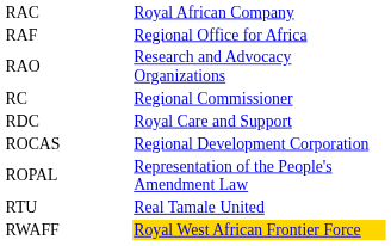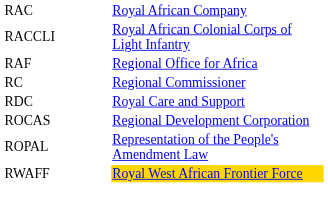 <table width="100%" style="text-verticalalign:top">
 <tr>
 <td width="20%">RAC</td>
 <td width="40%"><a href='#'>Royal African Company</a></td>
 <td width="40%"></td>
 </tr>
 <tr>
-<td>RAF</td>
-<td><a href='#'>Regional Office for Africa</a></td>
+<td>RACCLI</td>
+<td><a href='#'>Royal African Colonial Corps of Light Infantry</a></td>
 <td></td>
 </tr>
 <tr>
-<td>RAO</td>
-<td><a href='#'>Research and Advocacy Organizations</a></td>
+<td>RAF</td>
+<td><a href='#'>Regional Office for Africa</a></td>
 <td></td>
 </tr>
 <tr>
 <td>RC</td>
 <td><a href='#'>Regional Commissioner</a></td>
 <td></td>
 </tr>
 <tr>
 <td>RDC</td>
 <td><a href='#'>Royal Care and Support</a></td>
 <td></td>
 </tr>
 <tr>
 <td>ROCAS</td>
 <td><a href='#'>Regional Development Corporation</a></td>
 <td></td>
 </tr>
 <tr>
 <td>ROPAL</td>
 <td><a href='#'>Representation of the People's Amendment Law</a></td>
 <td></td>
 </tr>
 <tr>
-<td>RTU</td>
-<td><a href='#'>Real Tamale United</a></td>
-<td></td>
-</tr>
-<tr>
 <td>RWAFF</td>
 <td style="background: gold;"><a href='#'>Royal West African Frontier Force</a></td>
 <td></td>
 </tr>
 </table>
